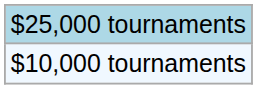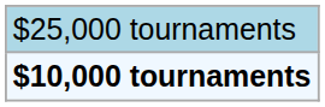 <table class="wikitable" style="font-size:85%;">
 <tr style="background:lightblue;">
 <td>$25,000 tournaments</td>
 </tr>
 <tr style="background:#f0f8ff;">
-<td>$10,000 tournaments</td>
+<td><strong>$10,000 tournaments</strong></td>
 </tr>
 </table>
